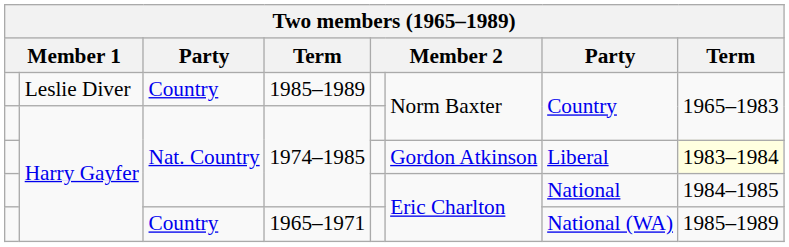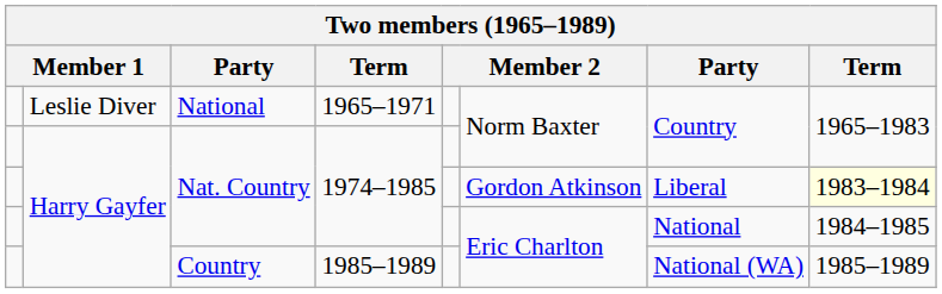 <table class="wikitable">
 <tr>
 <th colspan="8">Two members (1965–1989)</th>
 </tr>
 <tr>
 <th colspan="2">Member 1</th>
 <th>Party</th>
 <th>Term</th>
 <th colspan="2">Member 2</th>
 <th>Party</th>
 <th>Term</th>
 </tr>
 <tr>
 <td> </td>
 <td>Leslie Diver</td>
-<td><a href='#'>Country</a></td>
-<td>1985–1989</td>
+<td><a href='#'>National</a></td>
+<td>1965–1971</td>
 <td> </td>
 <td rowspan="2">Norm Baxter</td>
 <td rowspan="2"><a href='#'>Country</a></td>
 <td rowspan="2">1965–1983</td>
 </tr>
 <tr>
 <td> </td>
 <td rowspan="4"><a href='#'>Harry Gayfer</a></td>
 <td rowspan="3"><a href='#'>Nat. Country</a></td>
 <td rowspan="3">1974–1985</td>
 <td> </td>
 </tr>
 <tr>
 <td> </td>
 <td> </td>
 <td><a href='#'>Gordon Atkinson</a></td>
 <td><a href='#'>Liberal</a></td>
 <td style="background: lightyellow;">1983–1984</td>
 </tr>
 <tr>
 <td> </td>
 <td> </td>
 <td rowspan="2"><a href='#'>Eric Charlton</a></td>
 <td><a href='#'>National</a></td>
 <td>1984–1985</td>
 </tr>
 <tr>
 <td> </td>
 <td><a href='#'>Country</a></td>
-<td>1965–1971</td>
+<td>1985–1989</td>
 <td> </td>
 <td><a href='#'>National (WA)</a></td>
 <td>1985–1989</td>
 </tr>
 </table>
